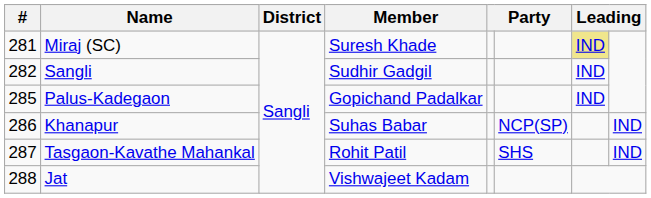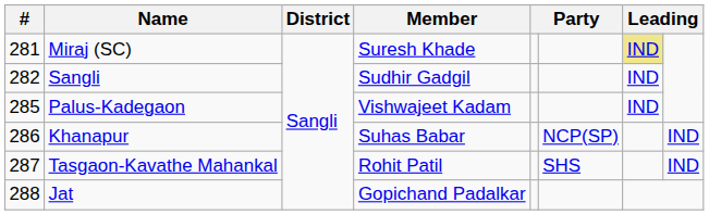 <table class="wikitable">
 <tr>
 <th>#</th>
 <th>Name</th>
 <th>District</th>
 <th>Member</th>
 <th colspan="2">Party</th>
 <th colspan=2>Leading<br></th>
 </tr>
 <tr>
 <td>281</td>
 <td><a href='#'>Miraj</a> (SC)</td>
 <td rowspan="6"><a href='#'>Sangli</a></td>
 <td><a href='#'>Suresh Khade</a></td>
 <td></td>
 <td style="background-color:"></td>
 <td style="background: khaki;"><a href='#'>IND</a></td>
 </tr>
 <tr>
 <td>282</td>
 <td><a href='#'>Sangli</a></td>
 <td><a href='#'>Sudhir Gadgil</a></td>
 <td></td>
 <td style="background-color:"></td>
 <td><a href='#'>IND</a></td>
 </tr>
 <tr>
 <td>285</td>
 <td><a href='#'>Palus-Kadegaon</a></td>
-<td><a href='#'>Gopichand Padalkar</a></td>
+<td><a href='#'>Vishwajeet Kadam</a></td>
 <td></td>
 <td style="background-color:"></td>
 <td><a href='#'>IND</a></td>
 </tr>
 <tr>
 <td>286</td>
 <td><a href='#'>Khanapur</a></td>
 <td><a href='#'>Suhas Babar</a></td>
 <td style="background-color:"></td>
 <td><a href='#'>NCP(SP)</a></td>
 <td style="background-color:"></td>
 <td><a href='#'>IND</a></td>
 </tr>
 <tr>
 <td>287</td>
 <td><a href='#'>Tasgaon-Kavathe Mahankal</a></td>
 <td><a href='#'>Rohit Patil</a></td>
 <td style="background-color: "></td>
 <td><a href='#'>SHS</a></td>
 <td style="background-color:"></td>
 <td><a href='#'>IND</a></td>
 </tr>
 <tr>
 <td>288</td>
 <td><a href='#'>Jat</a></td>
-<td><a href='#'>Vishwajeet Kadam</a></td>
+<td><a href='#'>Gopichand Padalkar</a></td>
 <td></td>
 <td></td>
 </tr>
 </table>
